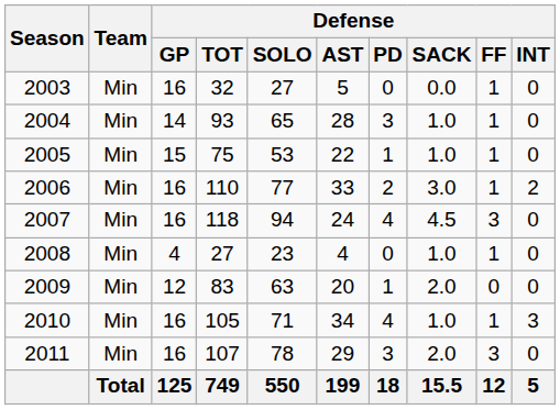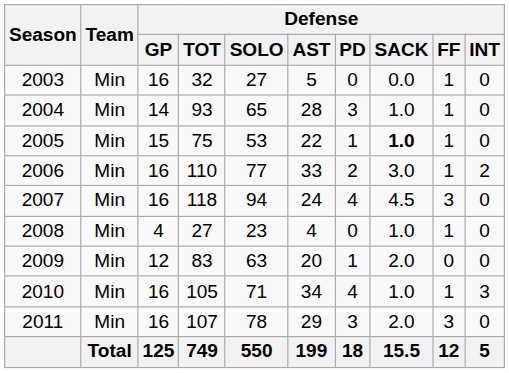 <table class="wikitable">
 <tr>
 <th rowspan="2">Season</th>
 <th rowspan="2">Team</th>
 <th colspan="10" style="text-align:center;">Defense</th>
 </tr>
 <tr>
 <th>GP</th>
 <th>TOT</th>
 <th>SOLO</th>
 <th>AST</th>
 <th>PD</th>
 <th>SACK</th>
 <th>FF</th>
 <th>INT</th>
 </tr>
 <tr style="text-align:center;">
 <td>2003</td>
 <td>Min</td>
 <td>16</td>
 <td>32</td>
 <td>27</td>
 <td>5</td>
 <td>0</td>
 <td>0.0</td>
 <td>1</td>
 <td>0</td>
 </tr>
 <tr style="text-align:center;">
 <td>2004</td>
 <td>Min</td>
 <td>14</td>
 <td>93</td>
 <td>65</td>
 <td>28</td>
 <td>3</td>
 <td>1.0</td>
 <td>1</td>
 <td>0</td>
 </tr>
 <tr style="text-align:center;">
 <td>2005</td>
 <td>Min</td>
 <td>15</td>
 <td>75</td>
 <td>53</td>
 <td>22</td>
 <td>1</td>
-<td>1.0</td>
+<td><strong>1.0</strong></td>
 <td>1</td>
 <td>0</td>
 </tr>
 <tr style="text-align:center;">
 <td>2006</td>
 <td>Min</td>
 <td>16</td>
 <td>110</td>
 <td>77</td>
 <td>33</td>
 <td>2</td>
 <td>3.0</td>
 <td>1</td>
 <td>2</td>
 </tr>
 <tr style="text-align:center;">
 <td>2007</td>
 <td>Min</td>
 <td>16</td>
 <td>118</td>
 <td>94</td>
 <td>24</td>
 <td>4</td>
 <td>4.5</td>
 <td>3</td>
 <td>0</td>
 </tr>
 <tr style="text-align:center;">
 <td>2008</td>
 <td>Min</td>
 <td>4</td>
 <td>27</td>
 <td>23</td>
 <td>4</td>
 <td>0</td>
 <td>1.0</td>
 <td>1</td>
 <td>0</td>
 </tr>
 <tr style="text-align:center;">
 <td>2009</td>
 <td>Min</td>
 <td>12</td>
 <td>83</td>
 <td>63</td>
 <td>20</td>
 <td>1</td>
 <td>2.0</td>
 <td>0</td>
 <td>0</td>
 </tr>
 <tr style="text-align:center;">
 <td>2010</td>
 <td>Min</td>
 <td>16</td>
 <td>105</td>
 <td>71</td>
 <td>34</td>
 <td>4</td>
 <td>1.0</td>
 <td>1</td>
 <td>3</td>
 </tr>
 <tr style="text-align:center;">
 <td>2011</td>
 <td>Min</td>
 <td>16</td>
 <td>107</td>
 <td>78</td>
 <td>29</td>
 <td>3</td>
 <td>2.0</td>
 <td>3</td>
 <td>0</td>
 </tr>
 <tr>
 <th></th>
 <th>Total</th>
 <th>125</th>
 <th>749</th>
 <th>550</th>
 <th>199</th>
 <th>18</th>
 <th>15.5</th>
 <th>12</th>
 <th>5</th>
 </tr>
 </table>
